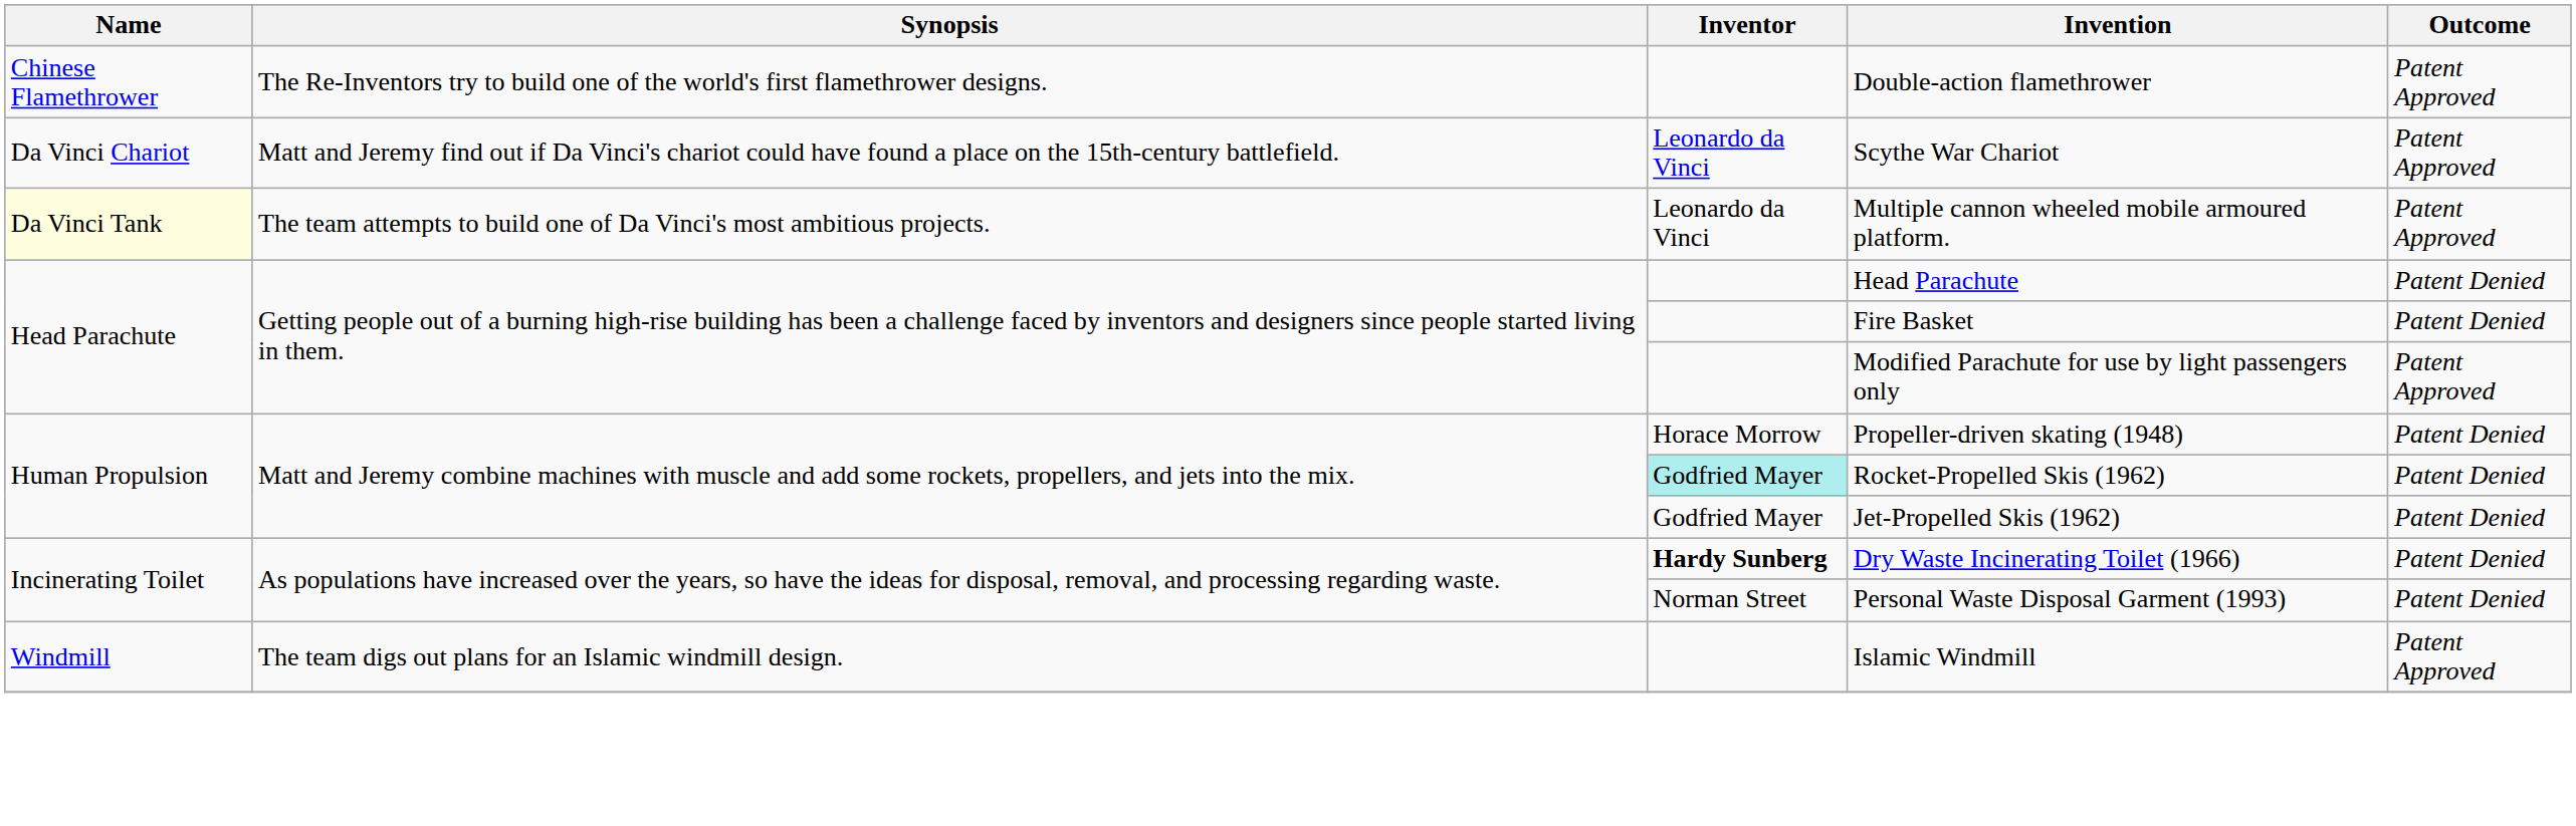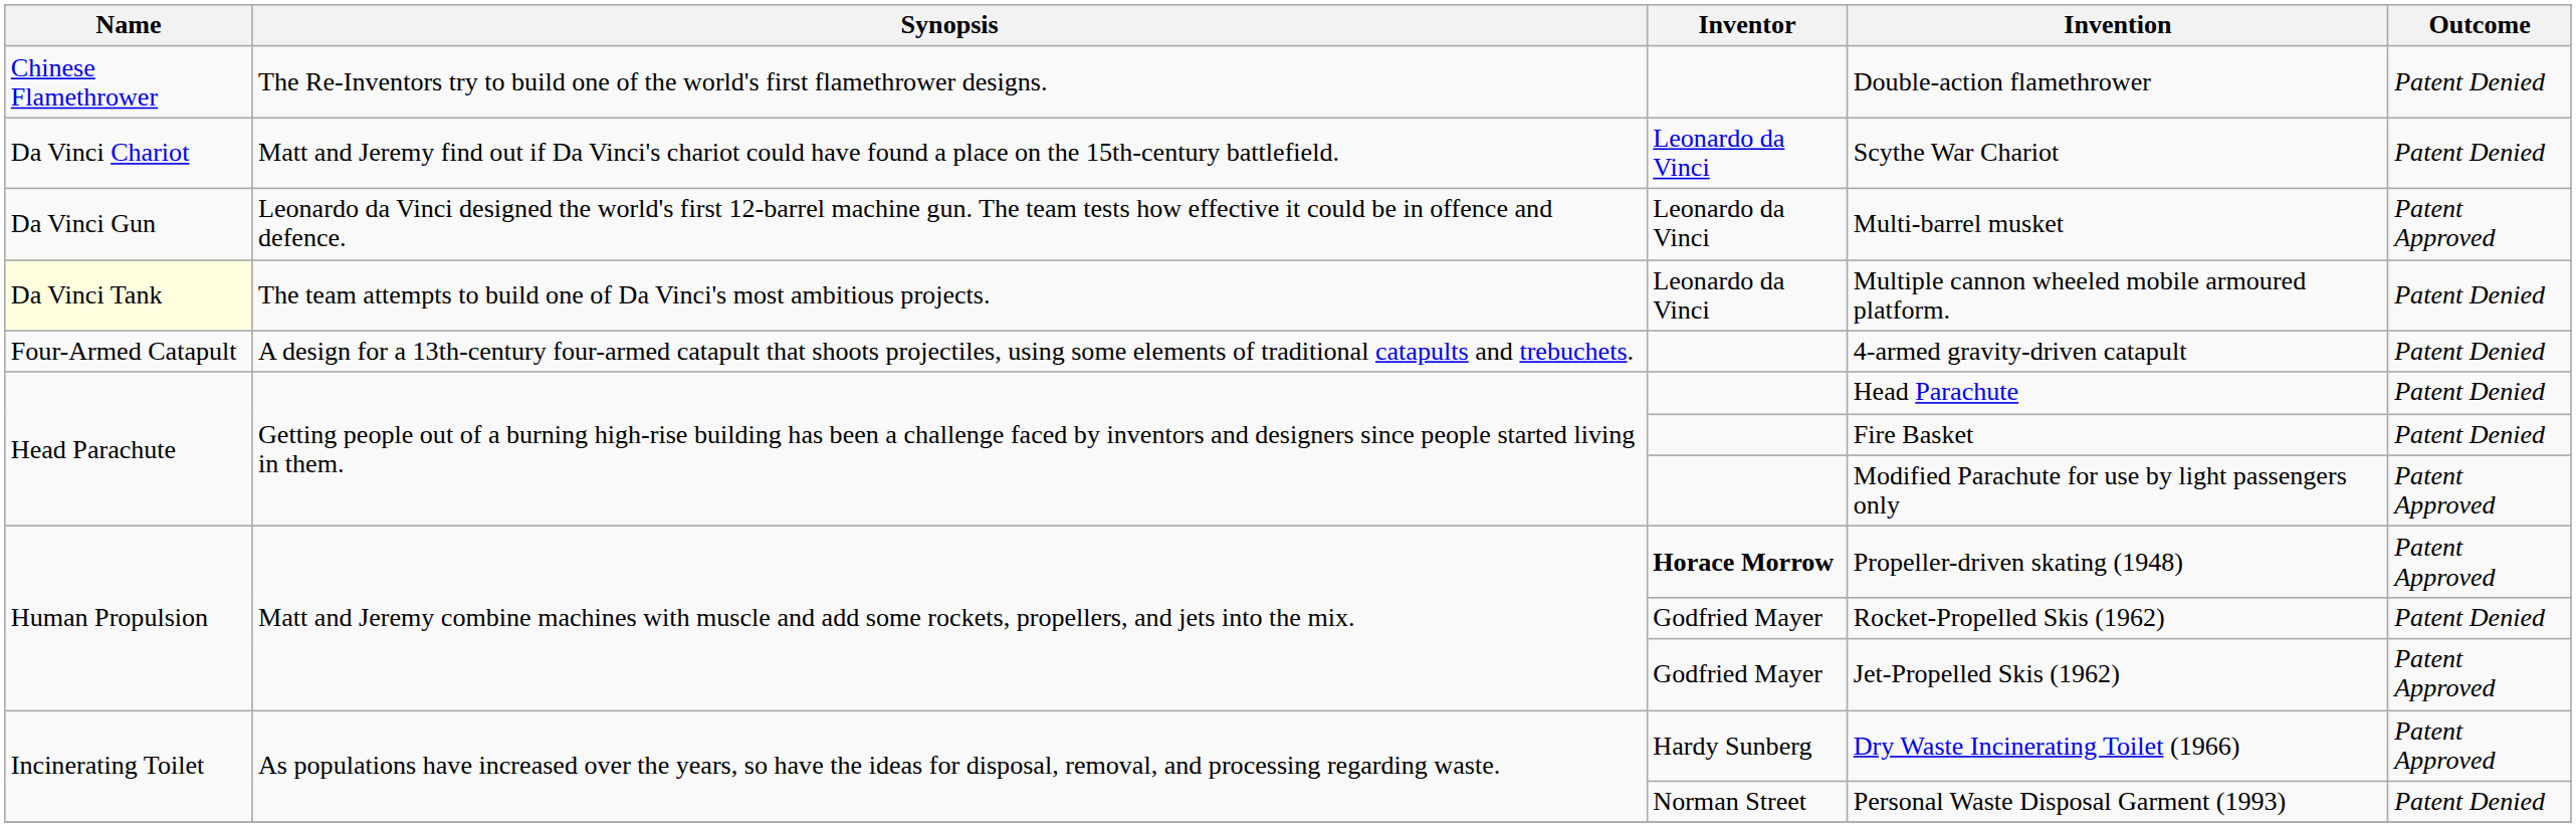 <table class="wikitable">
 <tr>
 <th scope=col>Name</th>
 <th scope=col>Synopsis</th>
 <th scope=col>Inventor</th>
 <th scope=col>Invention</th>
 <th scope=col>Outcome</th>
 </tr>
 <tr>
 <td><a href='#'>Chinese Flamethrower</a></td>
 <td>The Re-Inventors try to build one of the world's first flamethrower designs.</td>
 <td></td>
 <td>Double-action flamethrower</td>
-<td><em>Patent Approved</em></td>
+<td><em>Patent Denied</em></td>
 </tr>
 <tr>
 <td>Da Vinci <a href='#'>Chariot</a></td>
 <td>Matt and Jeremy find out if Da Vinci's chariot could have found a place on the 15th-century battlefield.</td>
 <td><a href='#'>Leonardo da Vinci</a></td>
 <td>Scythe War Chariot</td>
+<td><em>Patent Denied</em></td>
+</tr>
+<tr>
+<td>Da Vinci Gun</td>
+<td>Leonardo da Vinci designed the world's first 12-barrel machine gun.  The team tests how effective it could be in offence and defence.</td>
+<td>Leonardo da Vinci</td>
+<td>Multi-barrel musket</td>
 <td><em>Patent Approved</em></td>
 </tr>
 <tr>
 <td style="background: lightyellow;">Da Vinci Tank</td>
 <td>The team attempts to build one of Da Vinci's most ambitious projects.</td>
 <td>Leonardo da Vinci</td>
 <td>Multiple cannon wheeled mobile armoured platform.</td>
-<td><em>Patent Approved</em></td>
+<td><em>Patent Denied</em></td>
+</tr>
+<tr>
+<td>Four-Armed Catapult</td>
+<td>A design for a 13th-century four-armed catapult that shoots projectiles, using some elements of traditional <a href='#'>catapults</a> and <a href='#'>trebuchets</a>.</td>
+<td></td>
+<td>4-armed gravity-driven catapult</td>
+<td><em>Patent Denied</em></td>
 </tr>
 <tr>
 <td rowspan=3 style=white-space:nowrap>Head Parachute</td>
 <td rowspan=3>Getting people out of a burning high-rise building has been a challenge faced by inventors and designers since people started living in them.</td>
 <td></td>
 <td>Head <a href='#'>Parachute</a></td>
 <td><em>Patent Denied</em></td>
 </tr>
 <tr>
 <td></td>
 <td>Fire Basket</td>
 <td><em>Patent Denied</em></td>
 </tr>
 <tr>
 <td></td>
 <td>Modified Parachute for use by light passengers only</td>
 <td><em>Patent Approved</em></td>
 </tr>
 <tr>
 <td rowspan=3 style=white-space:nowrap>Human Propulsion</td>
 <td rowspan=3>Matt and Jeremy combine machines with muscle and add some rockets, propellers, and jets into the mix.</td>
-<td>Horace Morrow</td>
+<td><strong>Horace Morrow</strong></td>
 <td>Propeller-driven skating (1948)</td>
-<td><em>Patent Denied</em></td>
+<td><em>Patent Approved</em></td>
 </tr>
 <tr>
-<td style="background: paleturquoise;">Godfried Mayer</td>
+<td>Godfried Mayer</td>
 <td>Rocket-Propelled Skis (1962)</td>
 <td><em>Patent Denied</em></td>
 </tr>
 <tr>
 <td>Godfried Mayer</td>
 <td>Jet-Propelled Skis (1962)</td>
-<td><em>Patent Denied</em></td>
+<td><em>Patent Approved</em></td>
 </tr>
 <tr>
 <td rowspan=2 style=white_space:nowrap>Incinerating Toilet</td>
 <td rowspan=2>As populations have increased over the years, so have the ideas for disposal, removal, and processing regarding waste.</td>
-<td><strong>Hardy Sunberg</strong></td>
+<td>Hardy Sunberg</td>
 <td><a href='#'>Dry Waste Incinerating Toilet</a> (1966)</td>
-<td><em>Patent Denied</em></td>
+<td><em>Patent Approved</em></td>
 </tr>
 <tr>
 <td>Norman Street</td>
 <td>Personal Waste Disposal Garment (1993)</td>
 <td><em>Patent Denied</em></td>
 </tr>
 <tr>
-<td><a href='#'>Windmill</a></td>
-<td>The team digs out plans for an Islamic windmill design.</td>
-<td></td>
-<td>Islamic Windmill</td>
-<td><em>Patent Approved</em></td>
-</tr>
-<tr>
 </tr>
 </table>
